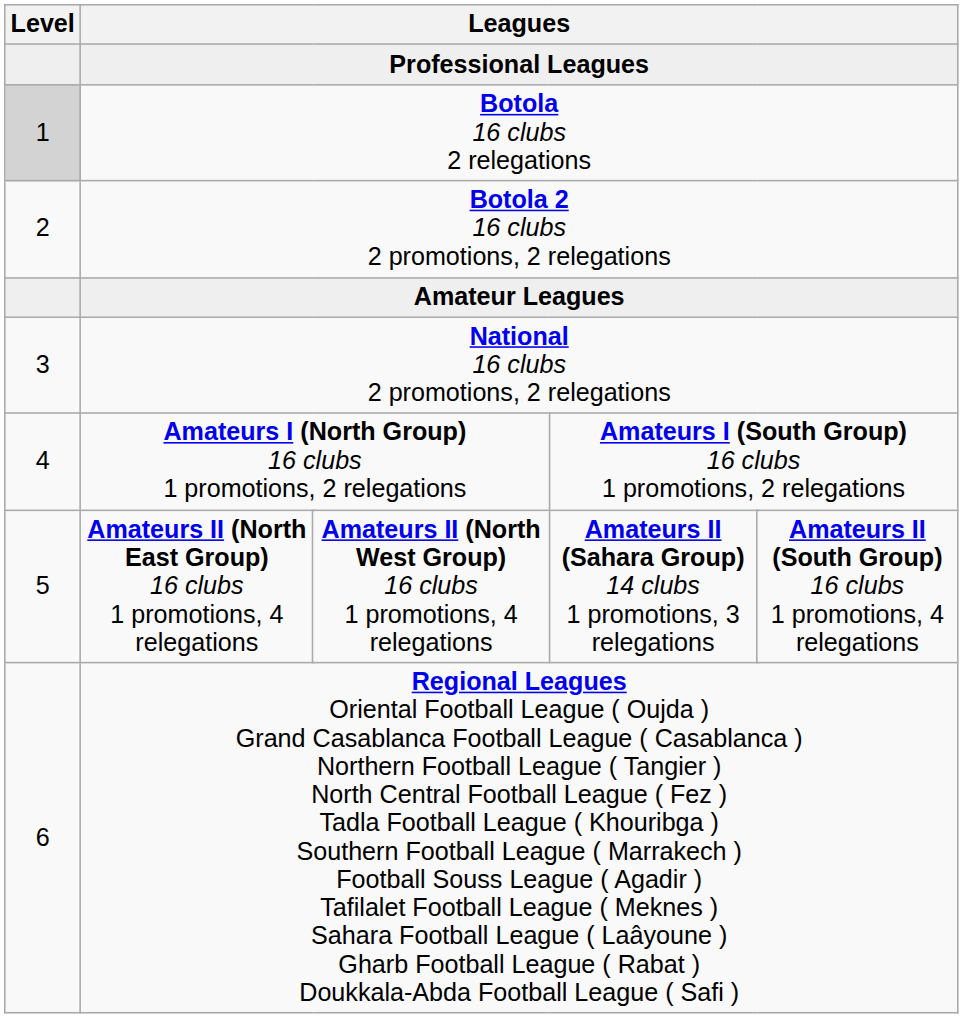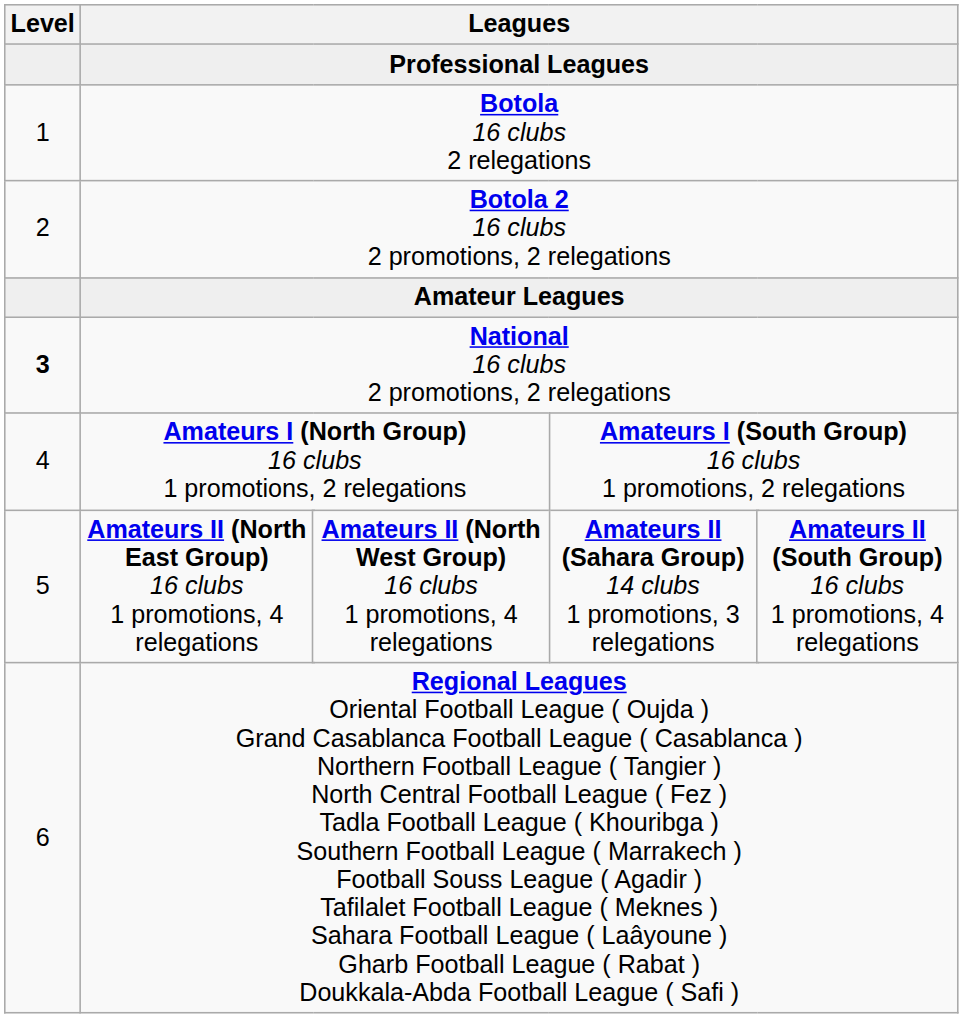 <table class="wikitable" style="text-align: center;">
 <tr>
 <th width="4%">Level</th>
 <th colspan="8" width="96%">Leagues</th>
 </tr>
 <tr style="background:#efefef;">
 <td></td>
 <td colspan=8><strong>Professional Leagues</strong></td>
 </tr>
 <tr>
-<td style="background: lightgrey;">1</td>
+<td>1</td>
 <td colspan=8><strong><a href='#'>Botola</a></strong><br><em>16 clubs</em><br>2 relegations</td>
 </tr>
 <tr>
 <td>2</td>
 <td colspan=8><strong><a href='#'>Botola 2</a></strong><br><em>16 clubs</em><br>2 promotions, 2 relegations</td>
 </tr>
 <tr style="background:#efefef;">
 <td></td>
 <td colspan=8><strong>Amateur Leagues</strong></td>
 </tr>
 <tr>
-<td>3</td>
+<td><strong>3</strong></td>
 <td colspan=8><strong><a href='#'>National</a></strong><br><em>16 clubs</em><br>2 promotions, 2 relegations</td>
 </tr>
 <tr>
 <td>4</td>
 <td colspan=4><strong><a href='#'>Amateurs I</a> (North Group)</strong><br><em>16 clubs</em><br>1 promotions, 2 relegations</td>
 <td colspan=4><strong><a href='#'>Amateurs I</a> (South Group)</strong><br><em>16 clubs</em><br>1 promotions, 2 relegations</td>
 </tr>
 <tr>
 <td>5</td>
 <td colspan=2><strong><a href='#'>Amateurs II</a> (North East Group)</strong><br><em>16 clubs</em><br>1 promotions, 4 relegations</td>
 <td colspan=2><strong><a href='#'>Amateurs II</a> (North West Group)</strong><br><em>16 clubs</em><br>1 promotions, 4 relegations</td>
 <td colspan=2><strong><a href='#'>Amateurs II</a> (Sahara Group)</strong><br><em>14 clubs</em><br>1 promotions, 3 relegations</td>
 <td colspan=2><strong><a href='#'>Amateurs II</a> (South Group)</strong><br><em>16 clubs</em><br>1 promotions, 4 relegations</td>
 </tr>
 <tr>
 <td>6</td>
 <td colspan=8><strong><a href='#'>Regional Leagues</a></strong><br>Oriental Football League ( Oujda ) <br> Grand Casablanca Football League ( Casablanca ) <br> Northern Football League ( Tangier ) <br> North Central Football League ( Fez ) <br> Tadla Football League ( Khouribga ) <br> Southern Football League ( Marrakech ) <br> Football Souss League ( Agadir ) <br> Tafilalet Football League ( Meknes ) <br> Sahara Football League ( Laâyoune ) <br> Gharb Football League ( Rabat ) <br> Doukkala-Abda Football League ( Safi )</td>
 </tr>
 </table>
